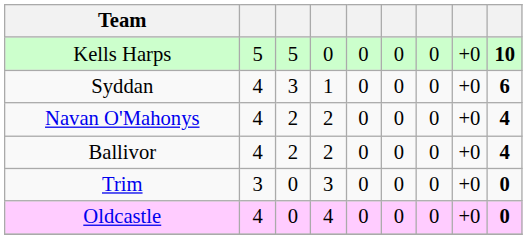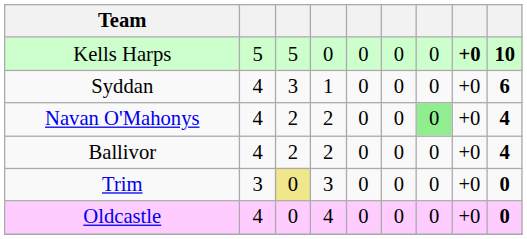 <table class="wikitable" style="text-align:center">
 <tr>
 <th style="width:175px;">Team</th>
 <th width="20"></th>
 <th width="20"></th>
 <th width="20"></th>
 <th width="20"></th>
 <th width="20"></th>
 <th width="20"></th>
 <th width="20"></th>
 <th width="20"></th>
 </tr>
 <tr style="background:#cfc;">
 <td>Kells Harps</td>
 <td>5</td>
 <td>5</td>
 <td>0</td>
 <td>0</td>
 <td>0</td>
 <td>0</td>
-<td>+0</td>
+<td><strong>+0</strong></td>
 <td><strong>10</strong></td>
 </tr>
 <tr>
 <td>Syddan</td>
 <td>4</td>
 <td>3</td>
 <td>1</td>
 <td>0</td>
 <td>0</td>
 <td>0</td>
 <td>+0</td>
 <td><strong>6</strong></td>
 </tr>
 <tr>
 <td><a href='#'>Navan O'Mahonys</a></td>
 <td>4</td>
 <td>2</td>
 <td>2</td>
 <td>0</td>
 <td>0</td>
-<td>0</td>
+<td style="background: lightgreen;">0</td>
 <td>+0</td>
 <td><strong>4</strong></td>
 </tr>
 <tr>
 <td>Ballivor</td>
 <td>4</td>
 <td>2</td>
 <td>2</td>
 <td>0</td>
 <td>0</td>
 <td>0</td>
 <td>+0</td>
 <td><strong>4</strong></td>
 </tr>
 <tr>
 <td><a href='#'>Trim</a></td>
 <td>3</td>
-<td>0</td>
+<td style="background: khaki;">0</td>
 <td>3</td>
 <td>0</td>
 <td>0</td>
 <td>0</td>
 <td>+0</td>
 <td><strong>0</strong></td>
 </tr>
 <tr style="background:#fcf;">
 <td><a href='#'>Oldcastle</a></td>
 <td>4</td>
 <td>0</td>
 <td>4</td>
 <td>0</td>
 <td>0</td>
 <td>0</td>
 <td>+0</td>
 <td><strong>0</strong></td>
 </tr>
 <tr>
 </tr>
 </table>
